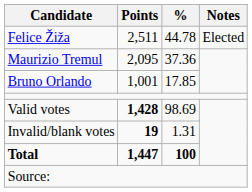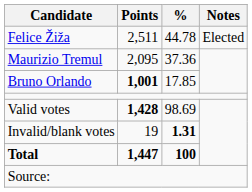 <table class=wikitable style=text-align:right>
 <tr>
 <th>Candidate</th>
 <th>Points</th>
 <th>%</th>
 <th>Notes</th>
 </tr>
 <tr>
 <td align=left><a href='#'>Felice Žiža</a></td>
 <td>2,511</td>
 <td>44.78</td>
 <td>Elected</td>
 </tr>
 <tr>
 <td align=left><a href='#'>Maurizio Tremul</a></td>
 <td>2,095</td>
 <td>37.36</td>
 <td rowspan=2></td>
 </tr>
 <tr>
 <td align=left><a href='#'>Bruno Orlando</a></td>
-<td>1,001</td>
+<td><strong>1,001</strong></td>
 <td>17.85</td>
 </tr>
 <tr>
 <td colspan=4></td>
 </tr>
 <tr>
 <td align=left>Valid votes</td>
 <td><strong>1,428</strong></td>
 <td>98.69</td>
 <td colspan=2 rowspan=3></td>
 </tr>
 <tr>
 <td align=left>Invalid/blank votes</td>
-<td><strong>19</strong></td>
-<td>1.31</td>
+<td>19</td>
+<td><strong>1.31</strong></td>
 </tr>
 <tr>
 <td align=left><strong>Total</strong></td>
 <td><strong>1,447</strong></td>
 <td><strong>100</strong></td>
 </tr>
 <tr>
 <td align=left colspan=4>Source: </td>
 </tr>
 </table>
